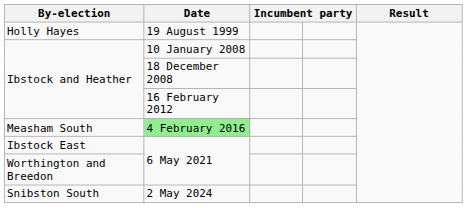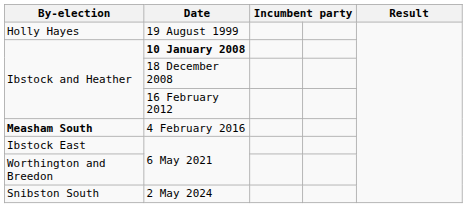 <table class="wikitable">
 <tr>
 <th width=160px>By-election</th>
 <th width=120px>Date</th>
 <th width=120px colspan=2>Incumbent party</th>
 <th width=120px colspan=2>Result</th>
 </tr>
 <tr>
 <td>Holly Hayes</td>
 <td>19 August 1999</td>
 <td></td>
 <td></td>
 </tr>
 <tr>
 <td rowspan=3>Ibstock and Heather</td>
-<td>10 January 2008</td>
+<td><strong>10 January 2008</strong></td>
 <td></td>
 <td></td>
 </tr>
 <tr>
 <td>18 December 2008</td>
 <td></td>
 <td></td>
 </tr>
 <tr>
 <td>16 February 2012</td>
 <td></td>
 <td></td>
 </tr>
 <tr>
-<td>Measham South</td>
-<td style="background: lightgreen;">4 February 2016</td>
+<td><strong>Measham South</strong></td>
+<td>4 February 2016</td>
 <td></td>
 <td></td>
 </tr>
 <tr>
 <td>Ibstock East</td>
 <td rowspan=2>6 May 2021</td>
 <td></td>
 <td></td>
 </tr>
 <tr>
 <td>Worthington and Breedon</td>
 <td></td>
 <td></td>
 </tr>
 <tr>
 <td>Snibston South</td>
 <td>2 May 2024</td>
 <td></td>
 <td></td>
 </tr>
 </table>
